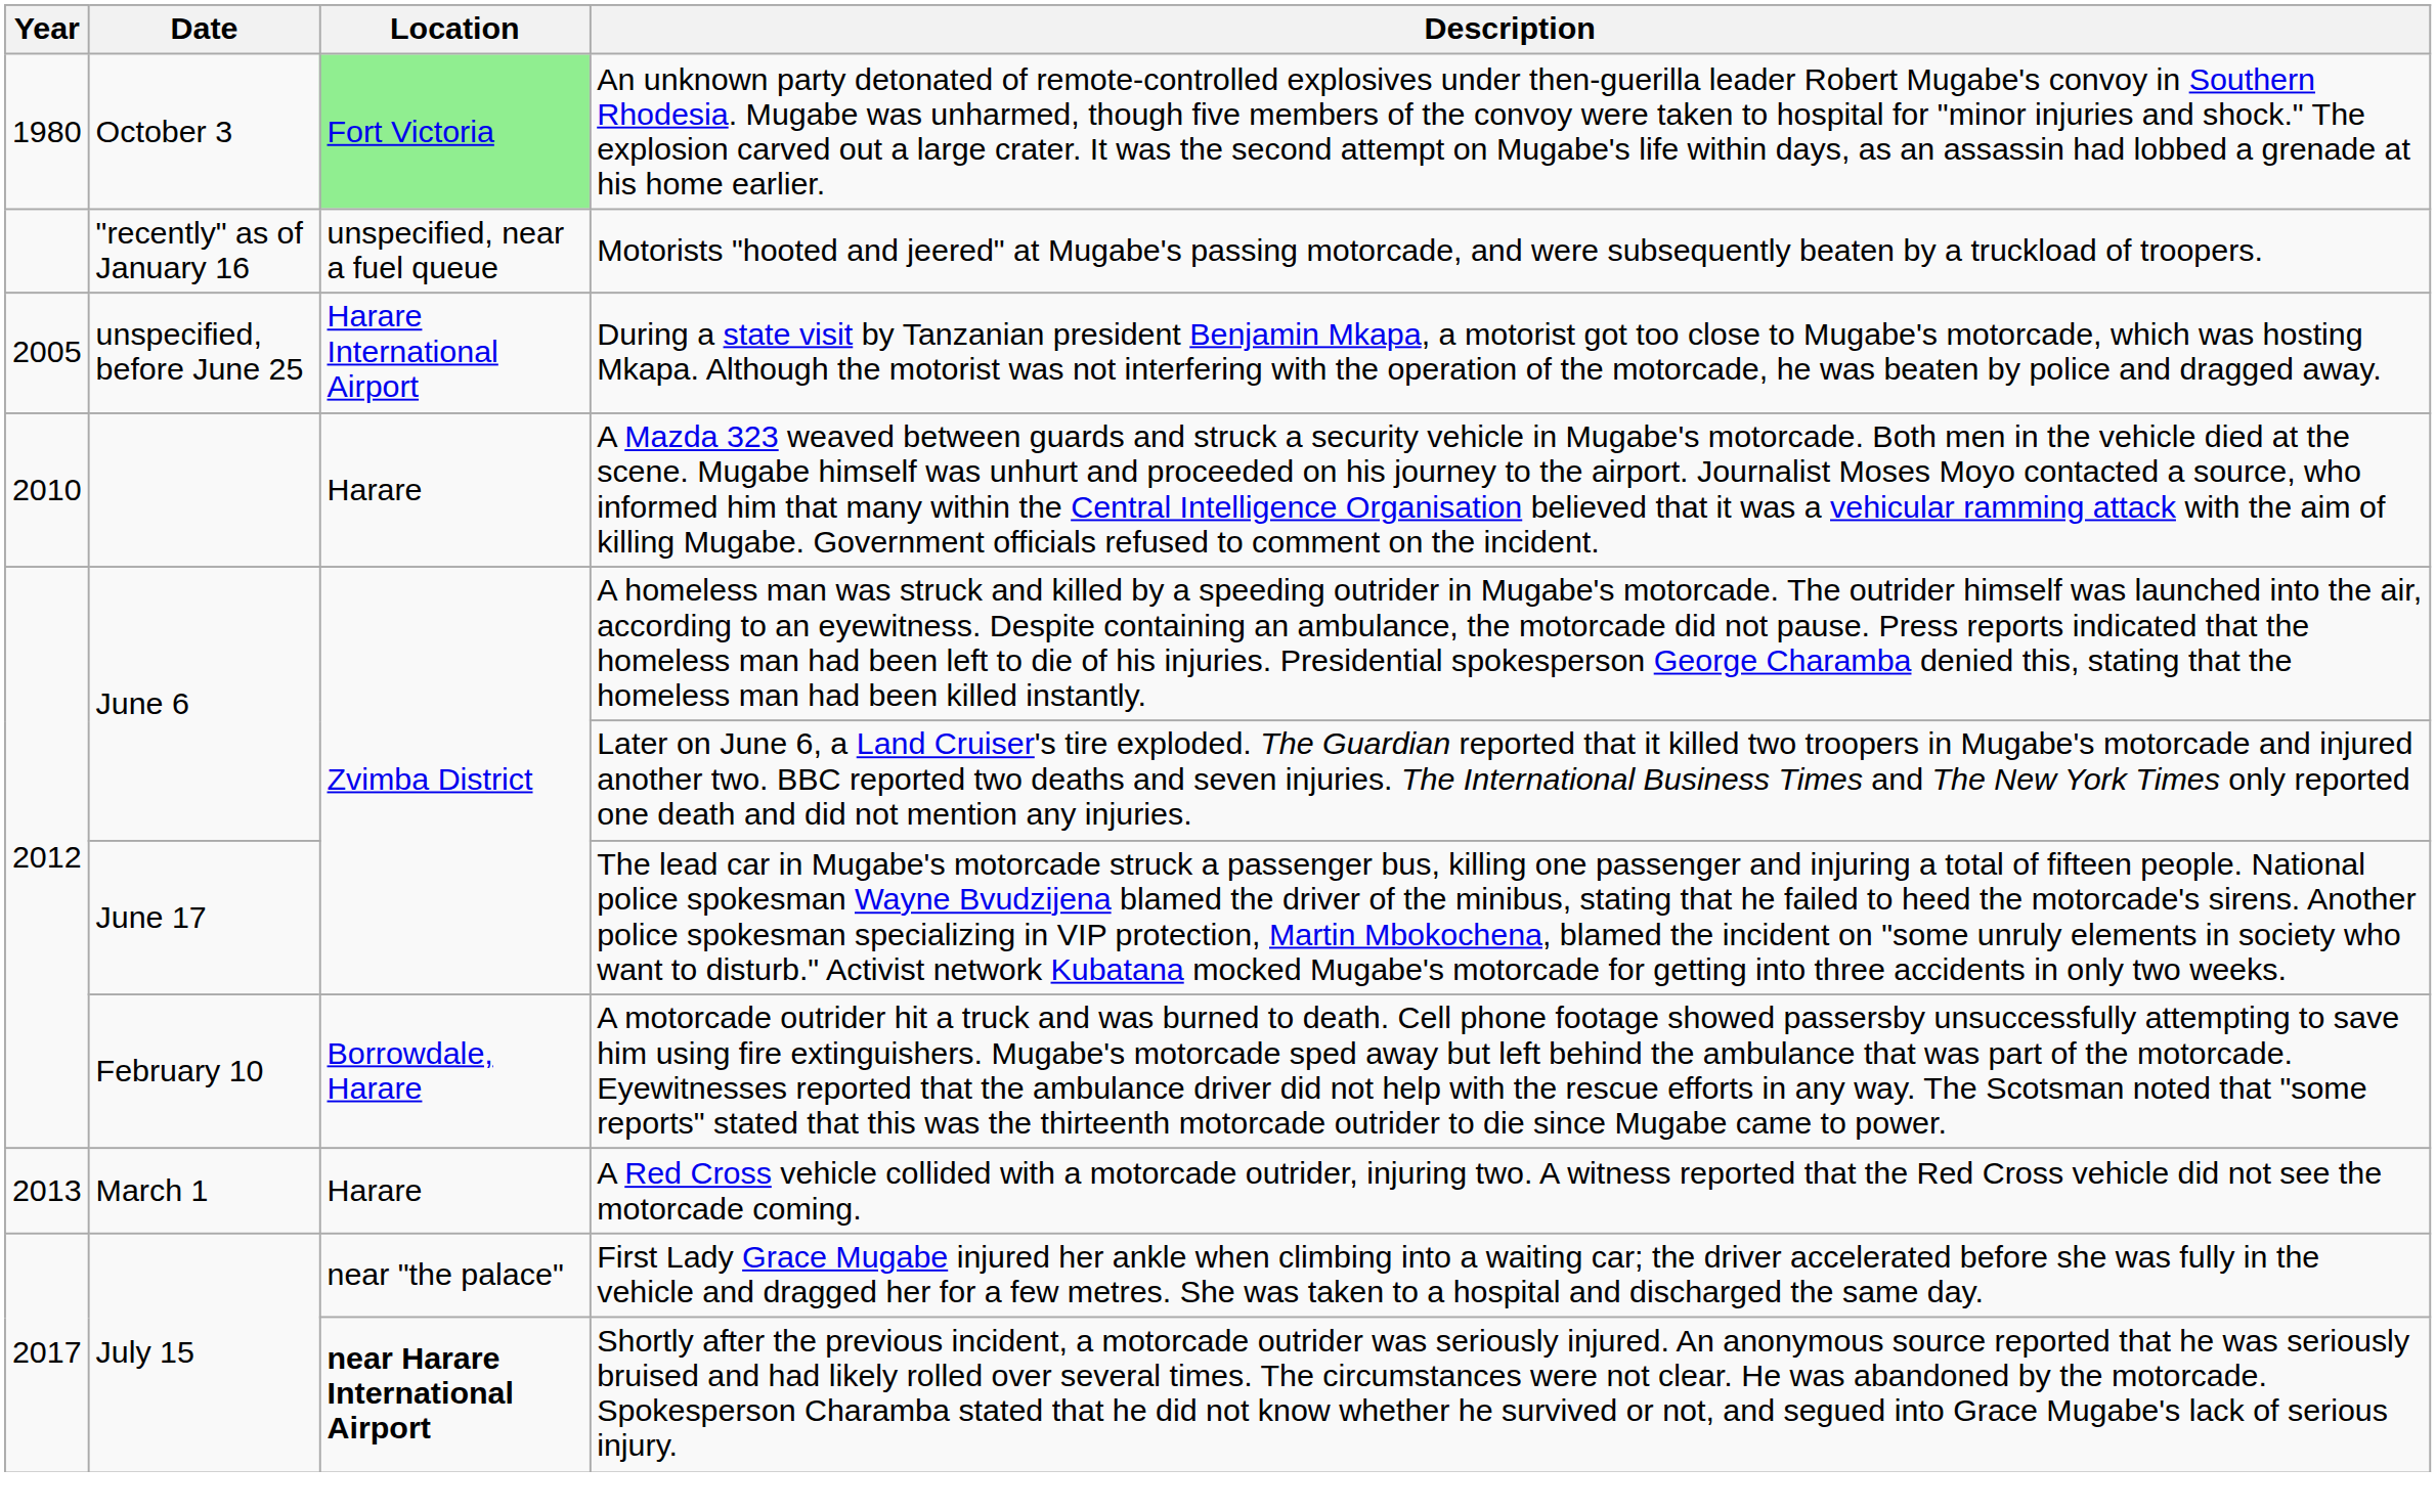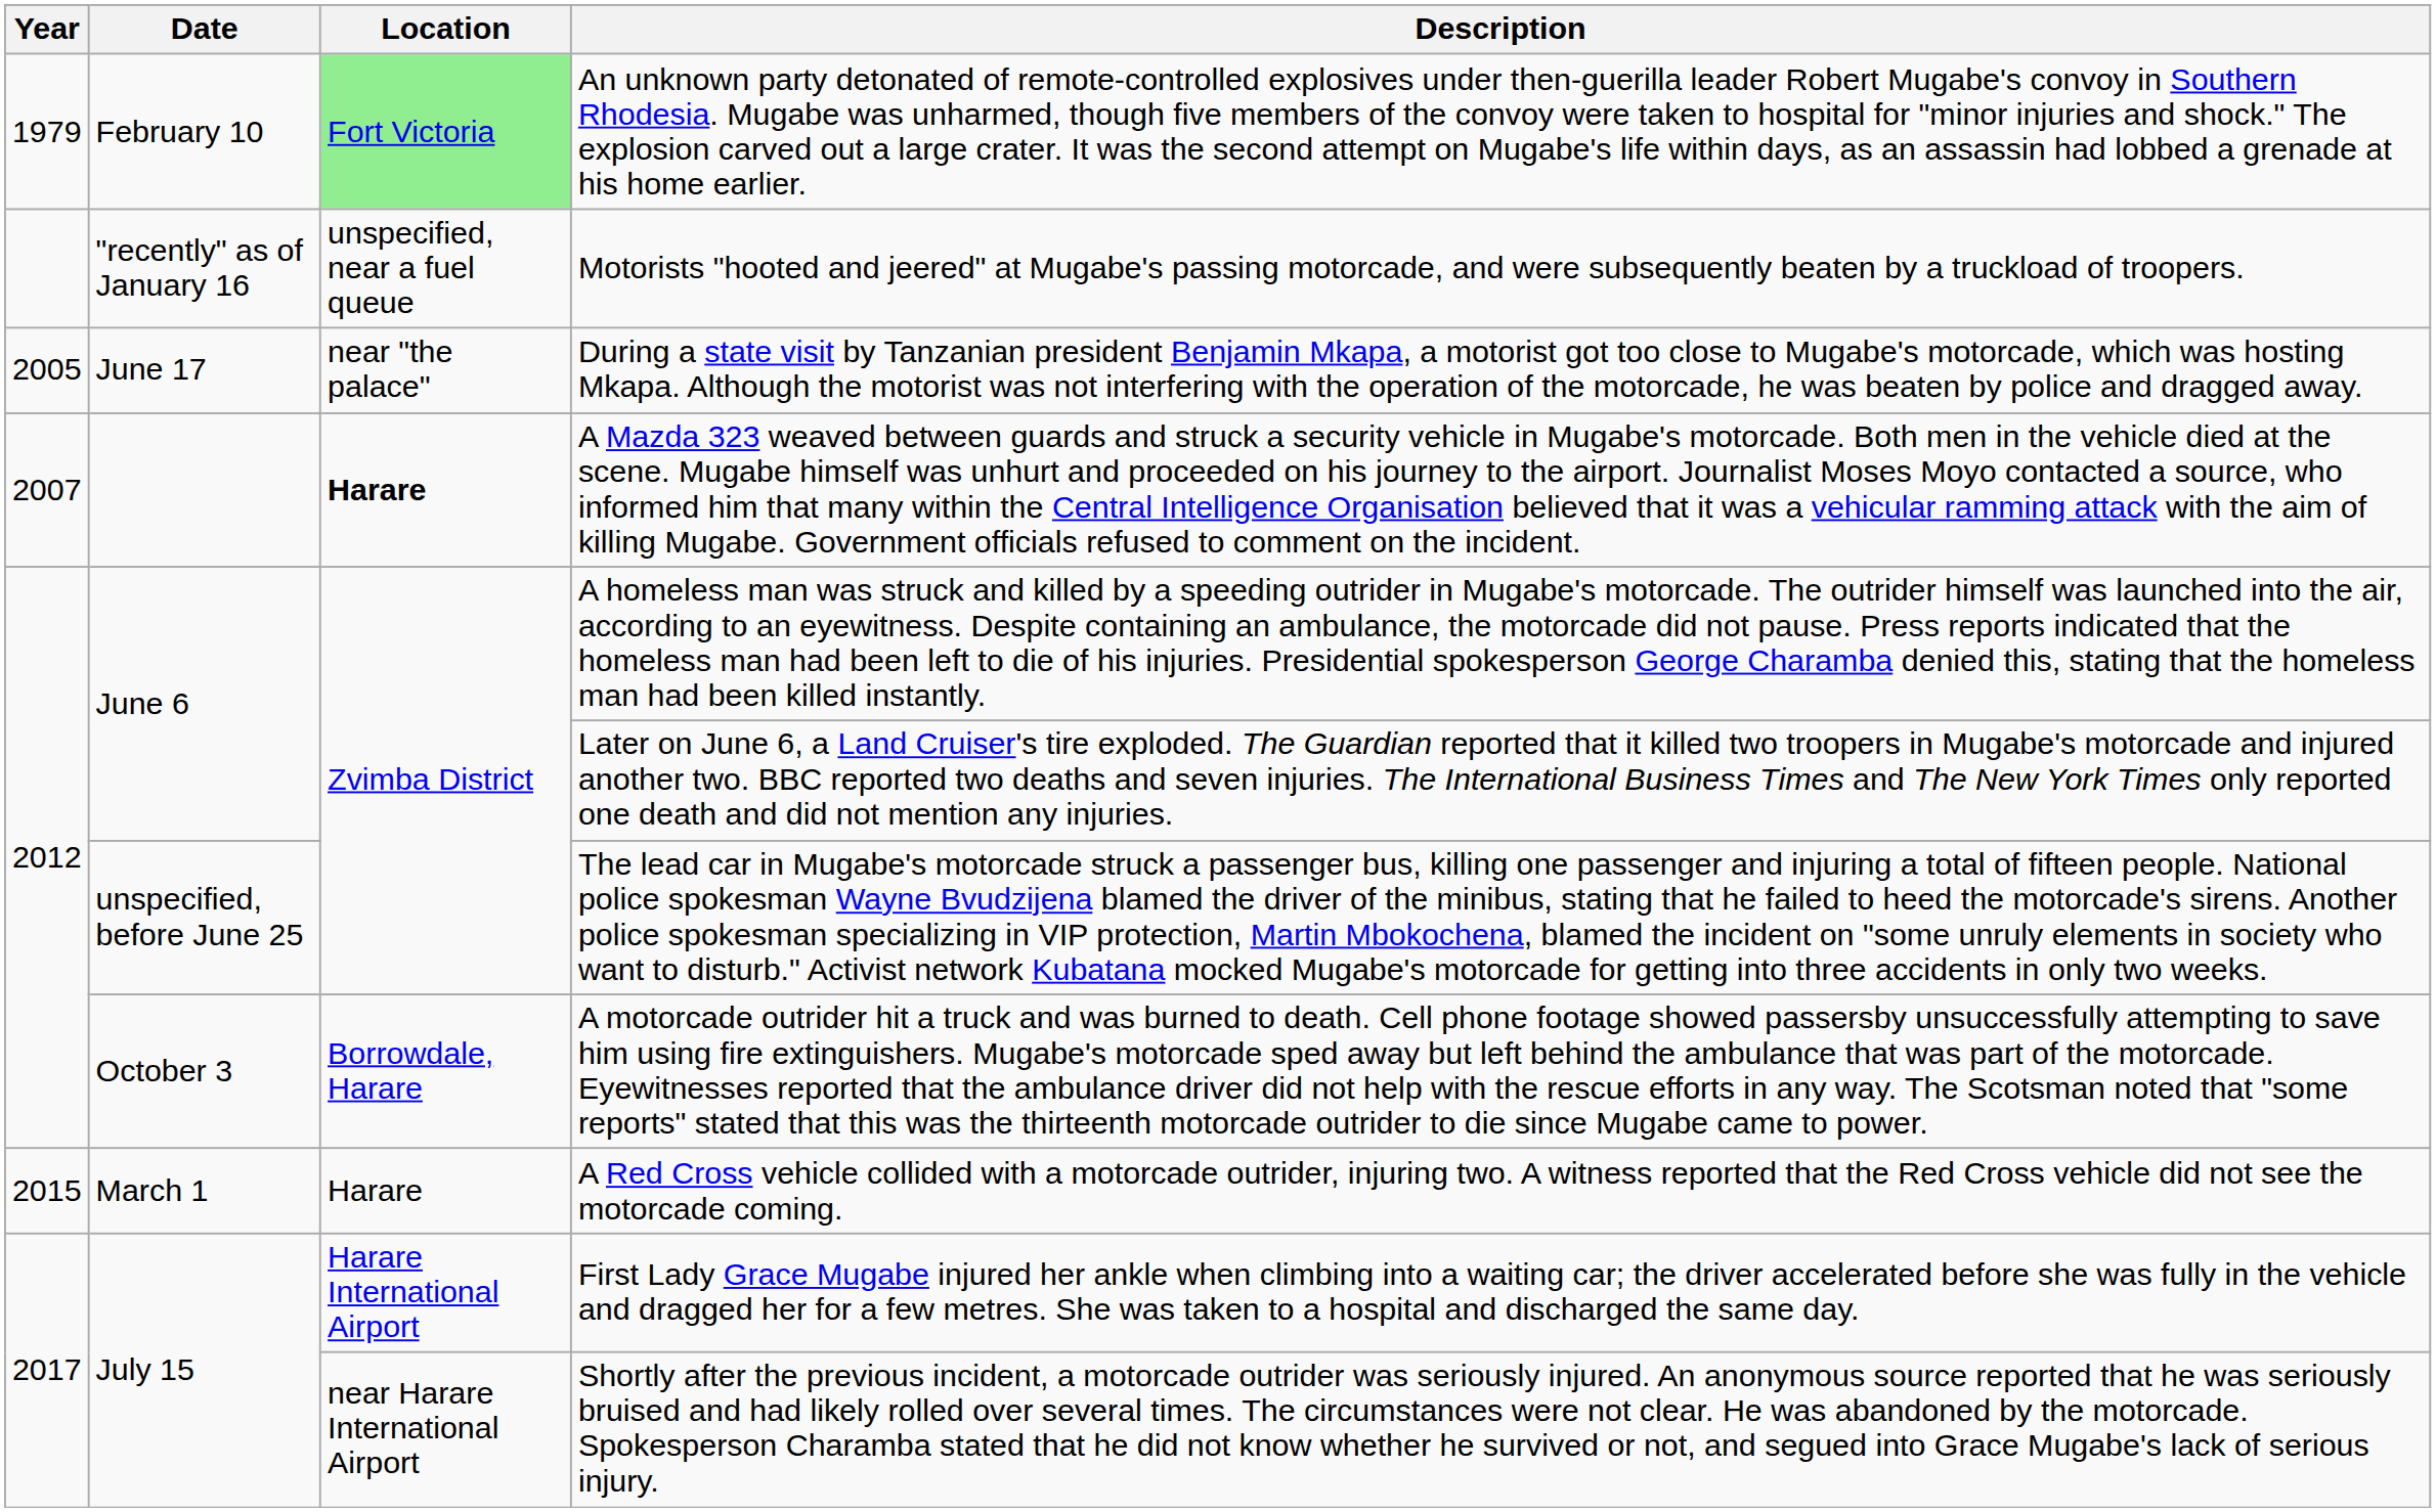 <table class="wikitable">
 <tr>
 <th>Year</th>
 <th>Date</th>
 <th>Location</th>
 <th>Description</th>
 </tr>
 <tr>
-<td>1980</td>
-<td>October 3</td>
+<td>1979</td>
+<td>February 10</td>
 <td style="background: lightgreen;"><a href='#'>Fort Victoria</a></td>
 <td>An unknown party detonated  of remote-controlled explosives under then-guerilla leader Robert Mugabe's convoy in <a href='#'>Southern Rhodesia</a>. Mugabe was unharmed, though five members of the convoy were taken to hospital for "minor injuries and shock." The explosion carved out a large crater. It was the second attempt on Mugabe's life within days, as an assassin had lobbed a grenade at his home earlier.</td>
 </tr>
 <tr>
 <td></td>
 <td>"recently" as of January 16</td>
 <td>unspecified, near a fuel queue</td>
 <td>Motorists "hooted and jeered" at Mugabe's passing motorcade, and were subsequently beaten by a truckload of troopers.</td>
 </tr>
 <tr>
 <td>2005</td>
-<td>unspecified, before June 25</td>
-<td><a href='#'>Harare International Airport</a></td>
+<td>June 17</td>
+<td>near "the palace"</td>
 <td>During a <a href='#'>state visit</a> by Tanzanian president <a href='#'>Benjamin Mkapa</a>, a motorist got too close to Mugabe's motorcade, which was hosting Mkapa. Although the motorist was not interfering with the operation of the motorcade, he was beaten by police and dragged away.</td>
 </tr>
 <tr>
-<td>2010</td>
+<td>2007</td>
 <td></td>
-<td>Harare</td>
+<td><strong>Harare</strong></td>
 <td>A <a href='#'>Mazda 323</a> weaved between guards and struck a security vehicle in Mugabe's motorcade. Both men in the vehicle died at the scene. Mugabe himself was unhurt and proceeded on his journey to the airport. Journalist Moses Moyo contacted a source, who informed him that many within the <a href='#'>Central Intelligence Organisation</a> believed that it was a <a href='#'>vehicular ramming attack</a> with the aim of killing Mugabe. Government officials refused to comment on the incident.</td>
 </tr>
 <tr>
 <td rowspan="4">2012</td>
 <td rowspan="2">June 6</td>
 <td rowspan="3"><a href='#'>Zvimba District</a></td>
 <td>A homeless man was struck and killed by a speeding outrider in Mugabe's motorcade. The outrider himself was launched into the air, according to an eyewitness. Despite containing an ambulance, the motorcade did not pause. Press reports indicated that the homeless man had been left to die of his injuries. Presidential spokesperson <a href='#'>George Charamba</a> denied this, stating that the homeless man had been killed instantly.</td>
 </tr>
 <tr>
 <td>Later on June 6, a <a href='#'>Land Cruiser</a>'s tire exploded. <em>The Guardian</em> reported that it killed two troopers in Mugabe's motorcade and injured another two. BBC reported two deaths and seven injuries. <em>The International Business Times</em> and <em>The New York Times</em> only reported one death and did not mention any injuries.</td>
 </tr>
 <tr>
-<td>June 17</td>
+<td>unspecified, before June 25</td>
 <td>The lead car in Mugabe's motorcade struck a passenger bus, killing one passenger and injuring a total of fifteen people. National police spokesman <a href='#'>Wayne Bvudzijena</a> blamed the driver of the minibus, stating that he failed to heed the motorcade's sirens. Another police spokesman specializing in VIP protection, <a href='#'>Martin Mbokochena</a>, blamed the incident on "some unruly elements in society who want to disturb." Activist network <a href='#'>Kubatana</a> mocked Mugabe's motorcade for getting into three accidents in only two weeks.</td>
 </tr>
 <tr>
-<td>February 10</td>
+<td>October 3</td>
 <td><a href='#'>Borrowdale, Harare</a></td>
 <td>A motorcade outrider hit a truck and was burned to death. Cell phone footage showed passersby unsuccessfully attempting to save him using fire extinguishers. Mugabe's motorcade sped away but left behind the ambulance that was part of the motorcade. Eyewitnesses reported that the ambulance driver did not help with the rescue efforts in any way. The Scotsman noted that "some reports" stated that this was the thirteenth motorcade outrider to die since Mugabe came to power.</td>
 </tr>
 <tr>
-<td>2013</td>
+<td>2015</td>
 <td>March 1</td>
 <td>Harare</td>
 <td>A <a href='#'>Red Cross</a> vehicle collided with a motorcade outrider, injuring two. A witness reported that the Red Cross vehicle did not see the motorcade coming.</td>
 </tr>
 <tr>
 <td rowspan="2">2017</td>
 <td rowspan="2">July 15</td>
-<td>near "the palace"</td>
+<td><a href='#'>Harare International Airport</a></td>
 <td>First Lady <a href='#'>Grace Mugabe</a> injured her ankle when climbing into a waiting car; the driver accelerated before she was fully in the vehicle and dragged her for a few metres. She was taken to a hospital and discharged the same day.</td>
 </tr>
 <tr>
-<td><strong>near Harare International Airport</strong></td>
+<td>near Harare International Airport</td>
 <td>Shortly after the previous incident, a motorcade outrider was seriously injured. An anonymous source reported that he was seriously bruised and had likely rolled over several times. The circumstances were not clear. He was abandoned by the motorcade. Spokesperson Charamba stated that he did not know whether he survived or not, and segued into Grace Mugabe's lack of serious injury.</td>
 </tr>
 </table>
